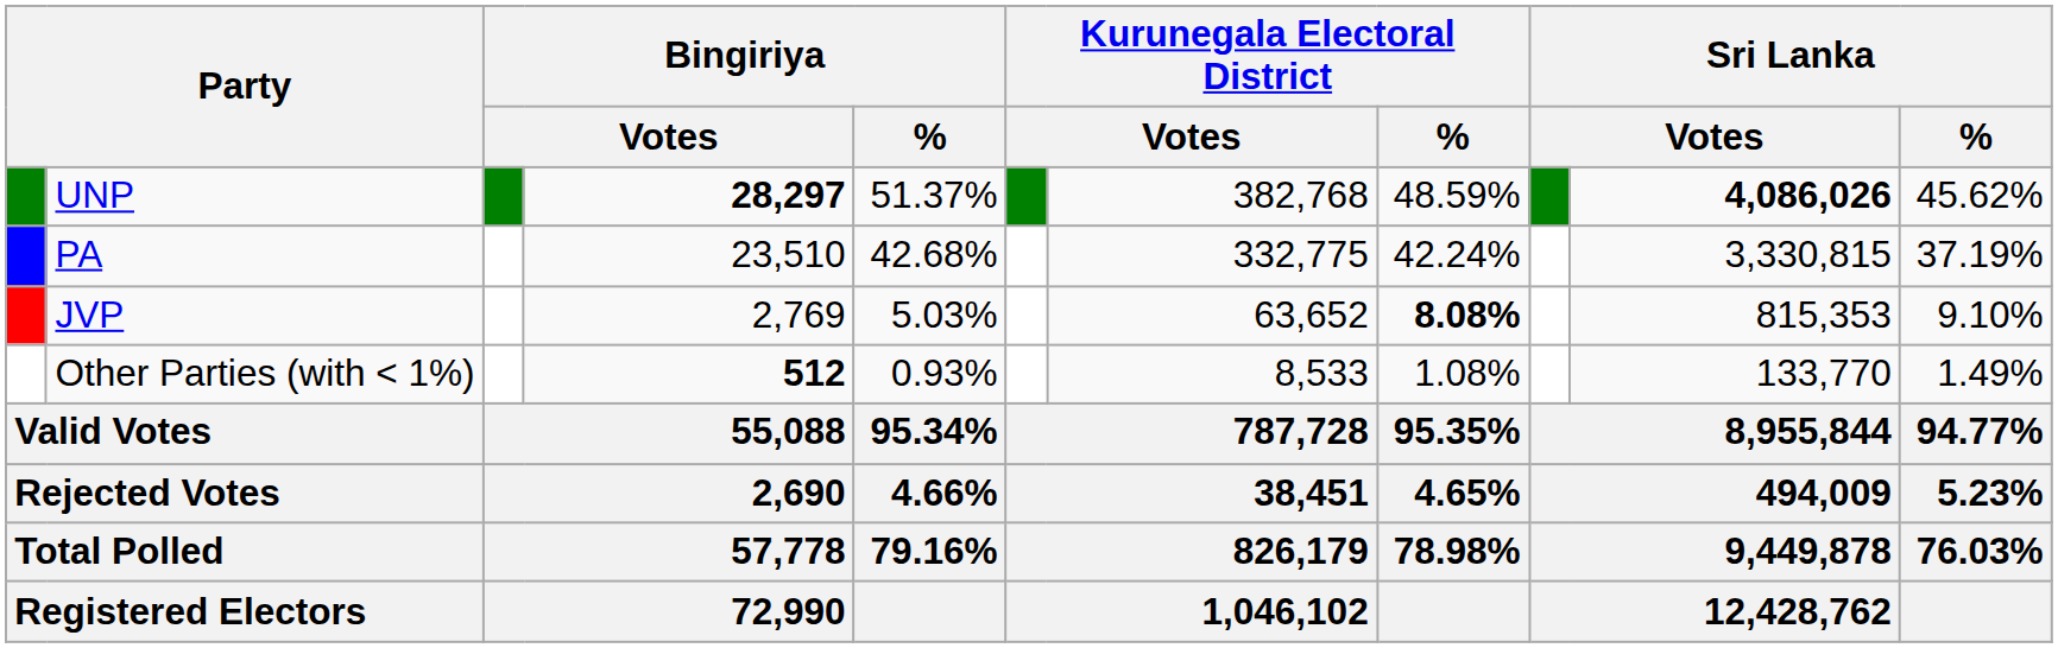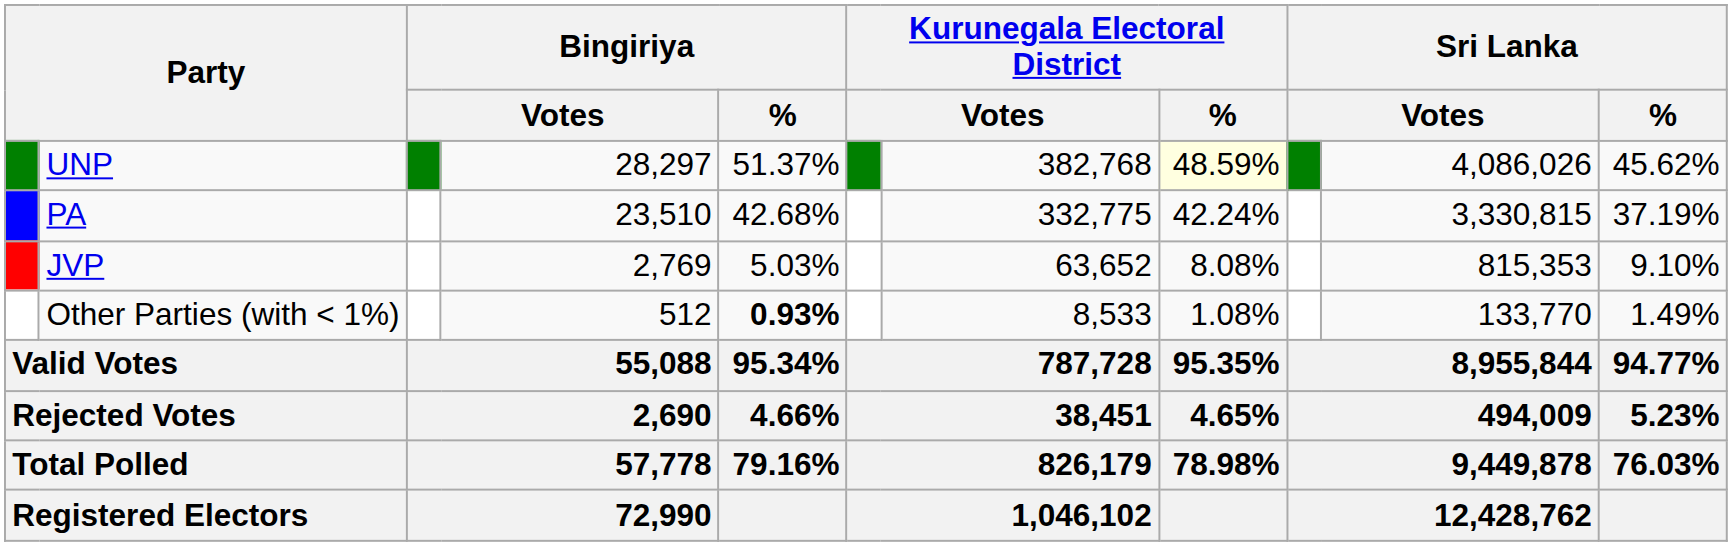 <table class="wikitable">
 <tr>
 <th colspan="2" width="144px"rowspan="2">Party</th>
 <th colspan="3" width="216px">Bingiriya</th>
 <th colspan="3" width="216px"><a href='#'>Kurunegala Electoral District</a></th>
 <th colspan="3" width="216px">Sri Lanka</th>
 </tr>
 <tr>
 <th colspan="2" width="144px">Votes</th>
 <th>%</th>
 <th colspan="2" width="144px">Votes</th>
 <th>%</th>
 <th colspan="2" width="144px">Votes</th>
 <th>%</th>
 </tr>
 <tr>
 <td style="background-color:green;" width="10px"></td>
 <td style="text-align:left;"><a href='#'>UNP</a></td>
 <td style="background-color:green;" width="10px"></td>
-<td style="text-align:right;"><strong>28,297</strong></td>
+<td style="text-align:right;">28,297</td>
 <td style="text-align:right;">51.37%</td>
 <td style="background-color:green;" width="10px"></td>
 <td style="text-align:right;">382,768</td>
-<td style="text-align:right;">48.59%</td>
+<td style="background: lightyellow; text-align:right;">48.59%</td>
 <td style="background-color:green;" width="10px"></td>
-<td style="text-align:right;"><strong>4,086,026</strong></td>
+<td style="text-align:right;">4,086,026</td>
 <td style="text-align:right;">45.62%</td>
 </tr>
 <tr>
 <td style="background-color:blue;" width="10px"></td>
 <td style="text-align:left;"><a href='#'>PA</a></td>
 <td style="background-color:white;" width="10px"></td>
 <td style="text-align:right;">23,510</td>
 <td style="text-align:right;">42.68%</td>
 <td style="background-color:white;" width="10px"></td>
 <td style="text-align:right;">332,775</td>
 <td style="text-align:right;">42.24%</td>
 <td style="background-color:white;" width="10px"></td>
 <td style="text-align:right;">3,330,815</td>
 <td style="text-align:right;">37.19%</td>
 </tr>
 <tr>
 <td style="background-color:red;" width="10px"></td>
 <td style="text-align:left;"><a href='#'>JVP</a></td>
 <td style="background-color:white;" width="10px"></td>
 <td style="text-align:right;">2,769</td>
 <td style="text-align:right;">5.03%</td>
 <td style="background-color:white;" width="10px"></td>
 <td style="text-align:right;">63,652</td>
-<td style="text-align:right;"><strong>8.08%</strong></td>
+<td style="text-align:right;">8.08%</td>
 <td style="background-color:white;" width="10px"></td>
 <td style="text-align:right;">815,353</td>
 <td style="text-align:right;">9.10%</td>
 </tr>
 <tr>
 <td style="background-color:white;" width="10px"></td>
 <td style="text-align:left;">Other Parties (with < 1%)</td>
 <td style="background-color:white;" width="10px"></td>
-<td style="text-align:right;"><strong>512</strong></td>
-<td style="text-align:right;">0.93%</td>
+<td style="text-align:right;">512</td>
+<td style="text-align:right;"><strong>0.93%</strong></td>
 <td style="background-color:white;" width="10px"></td>
 <td style="text-align:right;">8,533</td>
 <td style="text-align:right;">1.08%</td>
 <td style="background-color:white;" width="10px"></td>
 <td style="text-align:right;">133,770</td>
 <td style="text-align:right;">1.49%</td>
 </tr>
 <tr>
 <th colspan="2" width="144px"style="text-align:left;">Valid Votes</th>
 <th style="text-align:right;"colspan="2" width="144px">55,088</th>
 <th style="text-align:right;">95.34%</th>
 <th style="text-align:right;"colspan="2" width="144px">787,728</th>
 <th style="text-align:right;">95.35%</th>
 <th style="text-align:right;"colspan="2" width="144px">8,955,844</th>
 <th style="text-align:right;">94.77%</th>
 </tr>
 <tr>
 <th colspan="2" width="144px"style="text-align:left;">Rejected Votes</th>
 <th style="text-align:right;"colspan="2" width="144px">2,690</th>
 <th style="text-align:right;">4.66%</th>
 <th style="text-align:right;"colspan="2" width="144px">38,451</th>
 <th style="text-align:right;">4.65%</th>
 <th style="text-align:right;"colspan="2" width="144px">494,009</th>
 <th style="text-align:right;">5.23%</th>
 </tr>
 <tr>
 <th colspan="2" width="144px"style="text-align:left;">Total Polled</th>
 <th style="text-align:right;"colspan="2" width="144px">57,778</th>
 <th style="text-align:right;">79.16%</th>
 <th style="text-align:right;"colspan="2" width="144px">826,179</th>
 <th style="text-align:right;">78.98%</th>
 <th style="text-align:right;"colspan="2" width="144px">9,449,878</th>
 <th style="text-align:right;">76.03%</th>
 </tr>
 <tr>
 <th colspan="2" width="144px"style="text-align:left;">Registered Electors</th>
 <th style="text-align:right;"colspan="2" width="144px">72,990</th>
 <th></th>
 <th style="text-align:right;"colspan="2" width="144px">1,046,102</th>
 <th></th>
 <th style="text-align:right;"colspan="2" width="144px">12,428,762</th>
 <th></th>
 </tr>
 </table>
